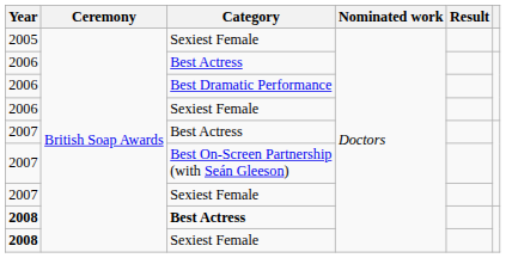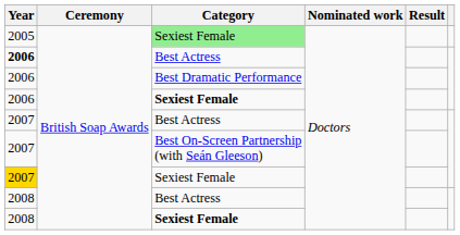 <table class="wikitable">
 <tr>
 <th>Year</th>
 <th>Ceremony</th>
 <th>Category</th>
 <th>Nominated work</th>
 <th>Result</th>
 <th></th>
 </tr>
 <tr>
 <td>2005</td>
 <td rowspan="9"><a href='#'>British Soap Awards</a></td>
-<td>Sexiest Female</td>
+<td style="background: lightgreen;">Sexiest Female</td>
 <td rowspan="9"><em>Doctors</em></td>
 <td></td>
 <td align="center"></td>
 </tr>
 <tr>
-<td>2006</td>
+<td><strong>2006</strong></td>
 <td><a href='#'>Best Actress</a></td>
 <td></td>
 <td rowspan="3" align="center"></td>
 </tr>
 <tr>
 <td>2006</td>
 <td><a href='#'>Best Dramatic Performance</a></td>
 <td></td>
 </tr>
 <tr>
 <td>2006</td>
-<td>Sexiest Female</td>
+<td><strong>Sexiest Female</strong></td>
 <td></td>
 </tr>
 <tr>
 <td>2007</td>
 <td>Best Actress</td>
 <td></td>
 <td rowspan="3" align="center"></td>
 </tr>
 <tr>
 <td>2007</td>
 <td><a href='#'>Best On-Screen Partnership</a> <br> (with <a href='#'>Seán Gleeson</a>)</td>
 <td></td>
 </tr>
 <tr>
-<td>2007</td>
+<td style="background: gold;">2007</td>
 <td>Sexiest Female</td>
 <td></td>
 </tr>
 <tr>
-<td><strong>2008</strong></td>
-<td><strong>Best Actress</strong></td>
+<td>2008</td>
+<td>Best Actress</td>
 <td></td>
 <td rowspan="2" align="center"></td>
 </tr>
 <tr>
-<td><strong>2008</strong></td>
-<td>Sexiest Female</td>
+<td>2008</td>
+<td><strong>Sexiest Female</strong></td>
 <td></td>
 </tr>
 </table>
